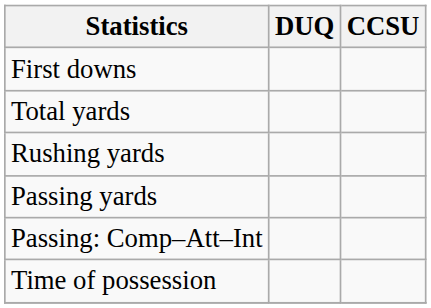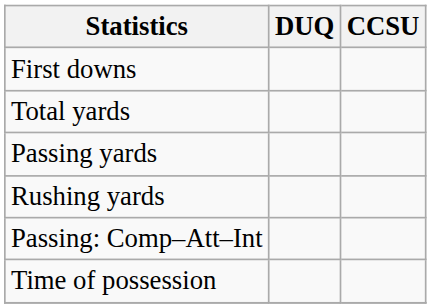 <table class="wikitable" style="float: left;">
 <tr>
 <th>Statistics</th>
 <th>DUQ</th>
 <th>CCSU</th>
 </tr>
 <tr>
 <td>First downs</td>
 <td></td>
 <td></td>
 </tr>
 <tr>
 <td>Total yards</td>
 <td></td>
 <td></td>
 </tr>
 <tr>
-<td>Rushing yards</td>
+<td>Passing yards</td>
 <td></td>
 <td></td>
 </tr>
 <tr>
-<td>Passing yards</td>
+<td>Rushing yards</td>
 <td></td>
 <td></td>
 </tr>
 <tr>
 <td>Passing: Comp–Att–Int</td>
 <td></td>
 <td></td>
 </tr>
 <tr>
 <td>Time of possession</td>
 <td></td>
 <td></td>
 </tr>
 <tr>
 </tr>
 </table>
